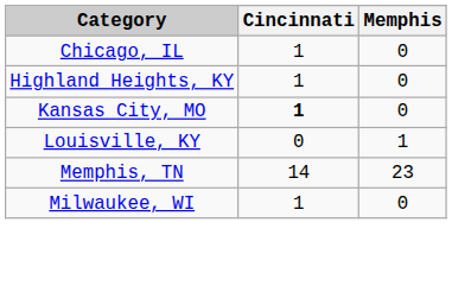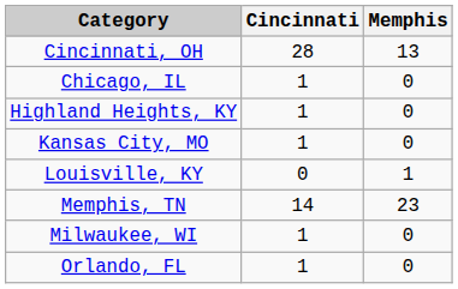 <table class="wikitable">
 <tr>
 <th style="background:#CCCCCC; text-align:center"><strong>Category</strong></th>
 <th><strong>Cincinnati</strong></th>
 <th><strong>Memphis</strong></th>
+</tr>
+<tr>
+<td align=center><a href='#'>Cincinnati, OH</a></td>
+<td align=center>28</td>
+<td align=center>13</td>
 </tr>
 <tr>
 <td align=center><a href='#'>Chicago, IL</a></td>
 <td align=center>1</td>
 <td align=center>0</td>
 </tr>
 <tr>
 <td align=center><a href='#'>Highland Heights, KY</a></td>
 <td align=center>1</td>
 <td align=center>0</td>
 </tr>
 <tr>
 <td align=center><a href='#'>Kansas City, MO</a></td>
-<td align=center><strong>1</strong></td>
+<td align=center>1</td>
 <td align=center>0</td>
 </tr>
 <tr>
 <td align=center><a href='#'>Louisville, KY</a></td>
 <td align=center>0</td>
 <td align=center>1</td>
 </tr>
 <tr>
 <td align=center><a href='#'>Memphis, TN</a></td>
 <td align=center>14</td>
 <td align=center>23</td>
 </tr>
 <tr>
 <td align=center><a href='#'>Milwaukee, WI</a></td>
 <td align=center>1</td>
 <td align=center>0</td>
 </tr>
+<tr>
+<td align=center><a href='#'>Orlando, FL</a></td>
+<td align=center>1</td>
+<td align=center>0</td>
+</tr>
 </table>
